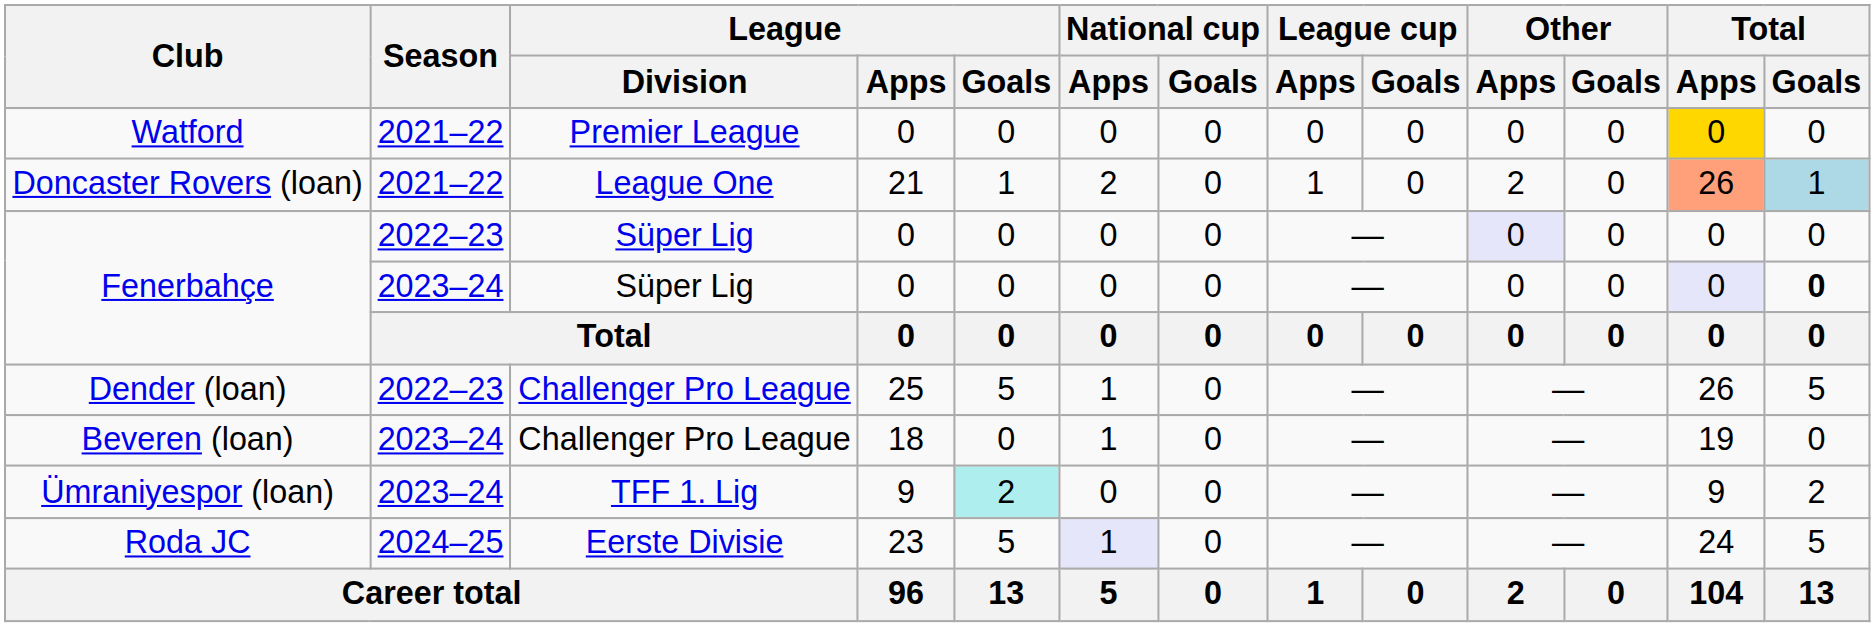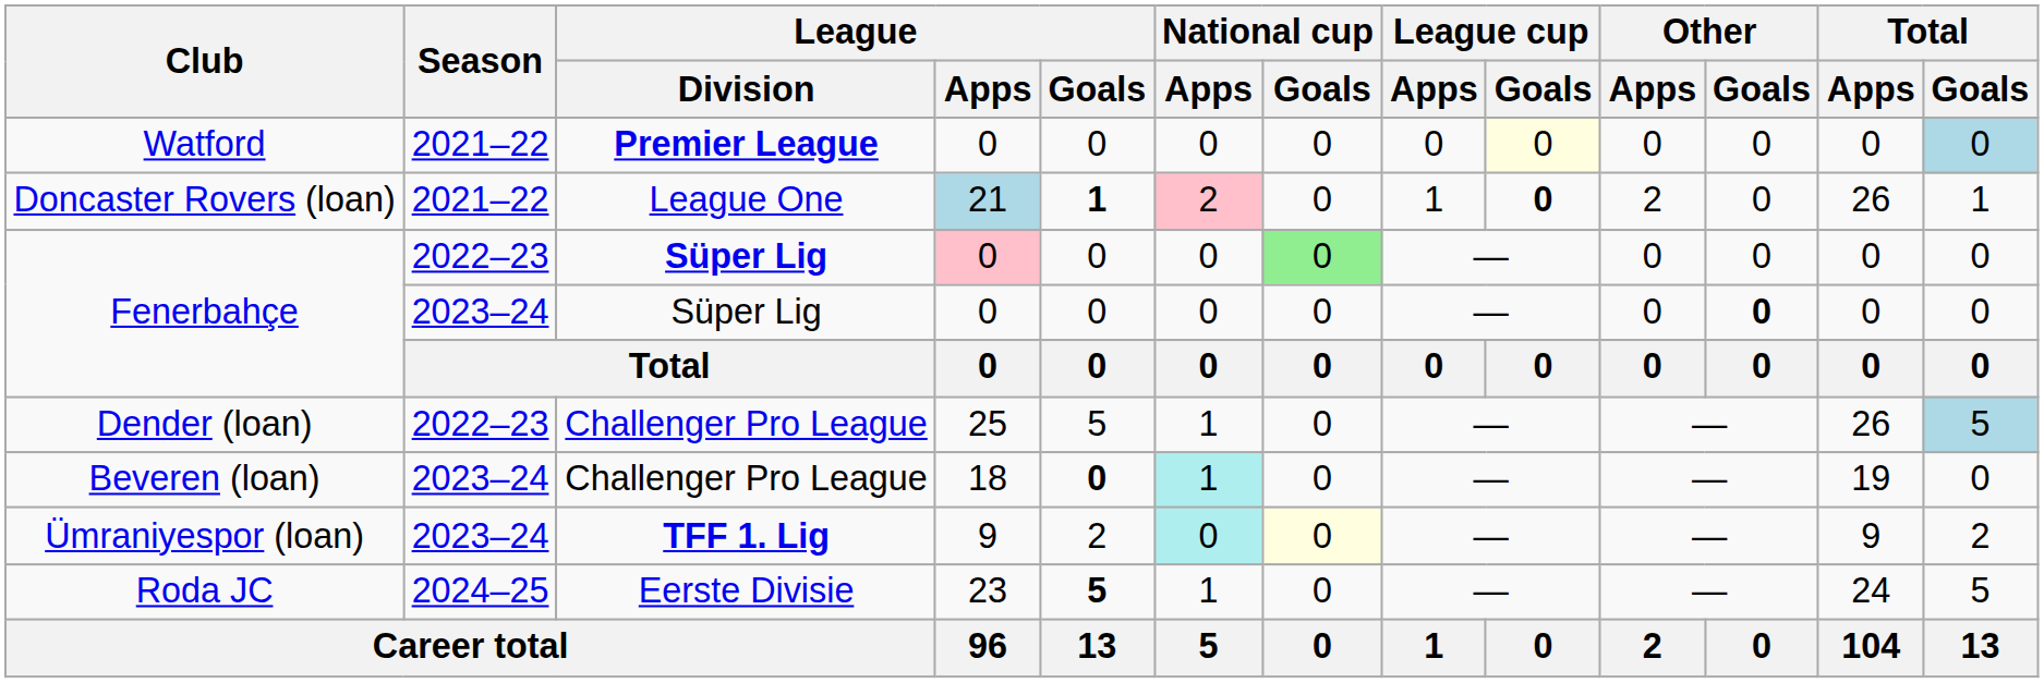 <table class="wikitable" style="text-align: center;">
 <tr>
 <th rowspan="2">Club</th>
 <th rowspan="2">Season</th>
 <th colspan="3">League</th>
 <th colspan="2">National cup</th>
 <th colspan="2">League cup</th>
 <th colspan="2">Other</th>
 <th colspan="2">Total</th>
 </tr>
 <tr>
 <th>Division</th>
 <th>Apps</th>
 <th>Goals</th>
 <th>Apps</th>
 <th>Goals</th>
 <th>Apps</th>
 <th>Goals</th>
 <th>Apps</th>
 <th>Goals</th>
 <th>Apps</th>
 <th>Goals</th>
 </tr>
 <tr>
 <td><a href='#'>Watford</a></td>
 <td><a href='#'>2021–22</a></td>
-<td><a href='#'>Premier League</a></td>
+<td><strong><a href='#'>Premier League</a></strong></td>
 <td>0</td>
 <td>0</td>
 <td>0</td>
 <td>0</td>
 <td>0</td>
+<td style="background: lightyellow;">0</td>
 <td>0</td>
 <td>0</td>
 <td>0</td>
-<td style="background: gold;">0</td>
-<td>0</td>
+<td style="background: lightblue;">0</td>
 </tr>
 <tr>
 <td><a href='#'>Doncaster Rovers</a> (loan)</td>
 <td><a href='#'>2021–22</a></td>
 <td><a href='#'>League One</a></td>
-<td>21</td>
+<td style="background: lightblue;">21</td>
+<td><strong>1</strong></td>
+<td style="background: pink;">2</td>
+<td>0</td>
 <td>1</td>
+<td><strong>0</strong></td>
 <td>2</td>
 <td>0</td>
+<td>26</td>
 <td>1</td>
-<td>0</td>
-<td>2</td>
-<td>0</td>
-<td style="background: lightsalmon;">26</td>
-<td style="background: lightblue;">1</td>
 </tr>
 <tr>
 <td rowspan="3"><a href='#'>Fenerbahçe</a></td>
 <td><a href='#'>2022–23</a></td>
-<td><a href='#'>Süper Lig</a></td>
+<td><strong><a href='#'>Süper Lig</a></strong></td>
+<td style="background: pink;">0</td>
 <td>0</td>
 <td>0</td>
+<td style="background: lightgreen;">0</td>
+<td colspan="2">—</td>
 <td>0</td>
-<td>0</td>
-<td colspan="2">—</td>
-<td style="background: lavender;">0</td>
 <td>0</td>
 <td>0</td>
 <td>0</td>
 </tr>
 <tr>
 <td><a href='#'>2023–24</a></td>
 <td>Süper Lig</td>
 <td>0</td>
 <td>0</td>
 <td>0</td>
 <td>0</td>
 <td colspan="2">—</td>
 <td>0</td>
+<td><strong>0</strong></td>
 <td>0</td>
-<td style="background: lavender;">0</td>
-<td><strong>0</strong></td>
+<td>0</td>
 </tr>
 <tr>
 <th colspan="2">Total</th>
 <th>0</th>
 <th>0</th>
 <th>0</th>
 <th>0</th>
 <th>0</th>
 <th>0</th>
 <th>0</th>
 <th>0</th>
 <th>0</th>
 <th>0</th>
 </tr>
 <tr>
 <td><a href='#'>Dender</a> (loan)</td>
 <td><a href='#'>2022–23</a></td>
 <td><a href='#'>Challenger Pro League</a></td>
 <td>25</td>
 <td>5</td>
 <td>1</td>
 <td>0</td>
 <td colspan="2">—</td>
 <td colspan="2">—</td>
 <td>26</td>
-<td>5</td>
+<td style="background: lightblue;">5</td>
 </tr>
 <tr>
 <td><a href='#'>Beveren</a> (loan)</td>
 <td><a href='#'>2023–24</a></td>
 <td>Challenger Pro League</td>
 <td>18</td>
-<td>0</td>
-<td>1</td>
+<td><strong>0</strong></td>
+<td style="background: paleturquoise;">1</td>
 <td>0</td>
 <td colspan="2">—</td>
 <td colspan="2">—</td>
 <td>19</td>
 <td>0</td>
 </tr>
 <tr>
 <td><a href='#'>Ümraniyespor</a> (loan)</td>
 <td><a href='#'>2023–24</a></td>
-<td><a href='#'>TFF 1. Lig</a></td>
+<td><strong><a href='#'>TFF 1. Lig</a></strong></td>
 <td>9</td>
-<td style="background: paleturquoise;">2</td>
-<td>0</td>
-<td>0</td>
+<td>2</td>
+<td style="background: paleturquoise;">0</td>
+<td style="background: lightyellow;">0</td>
 <td colspan="2">—</td>
 <td colspan="2">—</td>
 <td>9</td>
 <td>2</td>
 </tr>
 <tr>
 <td><a href='#'>Roda JC</a></td>
 <td><a href='#'>2024–25</a></td>
 <td><a href='#'>Eerste Divisie</a></td>
 <td>23</td>
-<td>5</td>
-<td style="background: lavender;">1</td>
+<td><strong>5</strong></td>
+<td>1</td>
 <td>0</td>
 <td colspan="2">—</td>
 <td colspan="2">—</td>
 <td>24</td>
 <td>5</td>
 </tr>
 <tr>
 <th colspan="3">Career total</th>
 <th>96</th>
 <th>13</th>
 <th>5</th>
 <th>0</th>
 <th>1</th>
 <th>0</th>
 <th>2</th>
 <th>0</th>
 <th>104</th>
 <th>13</th>
 </tr>
 </table>
